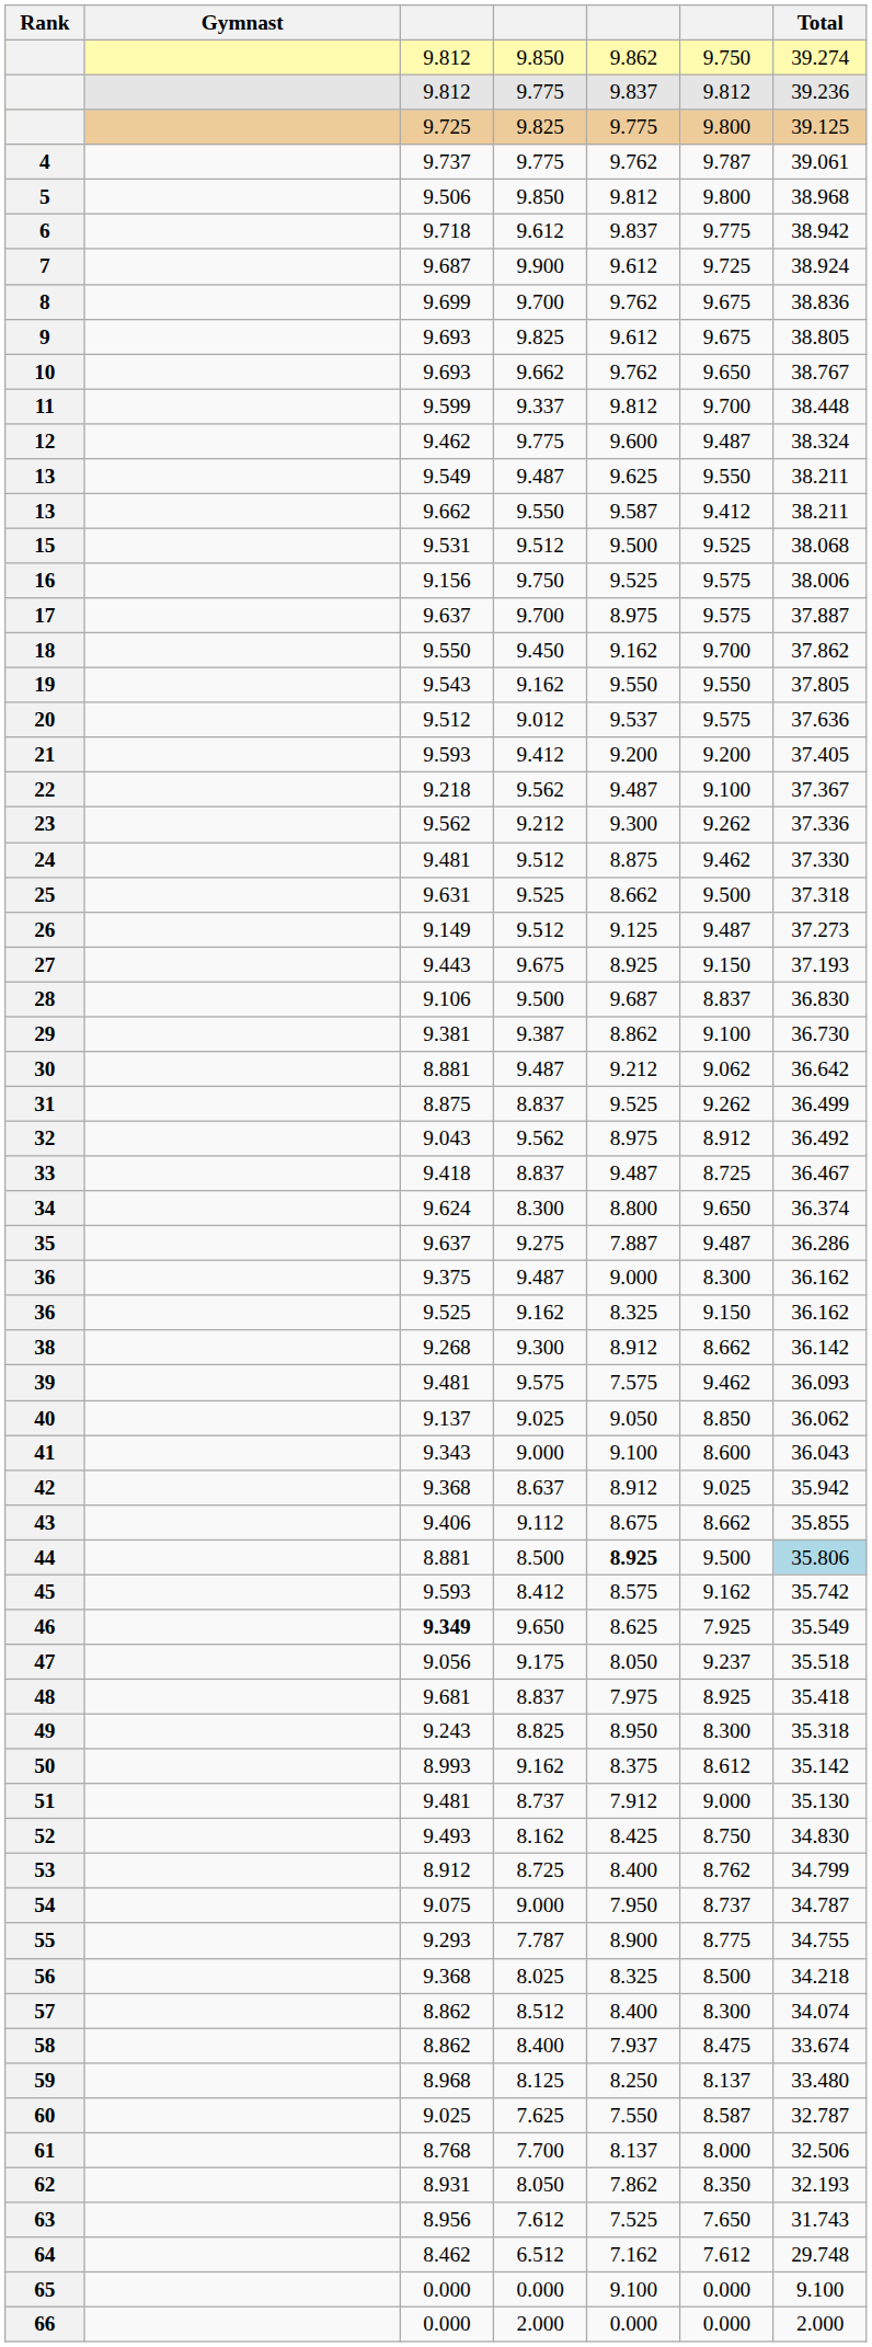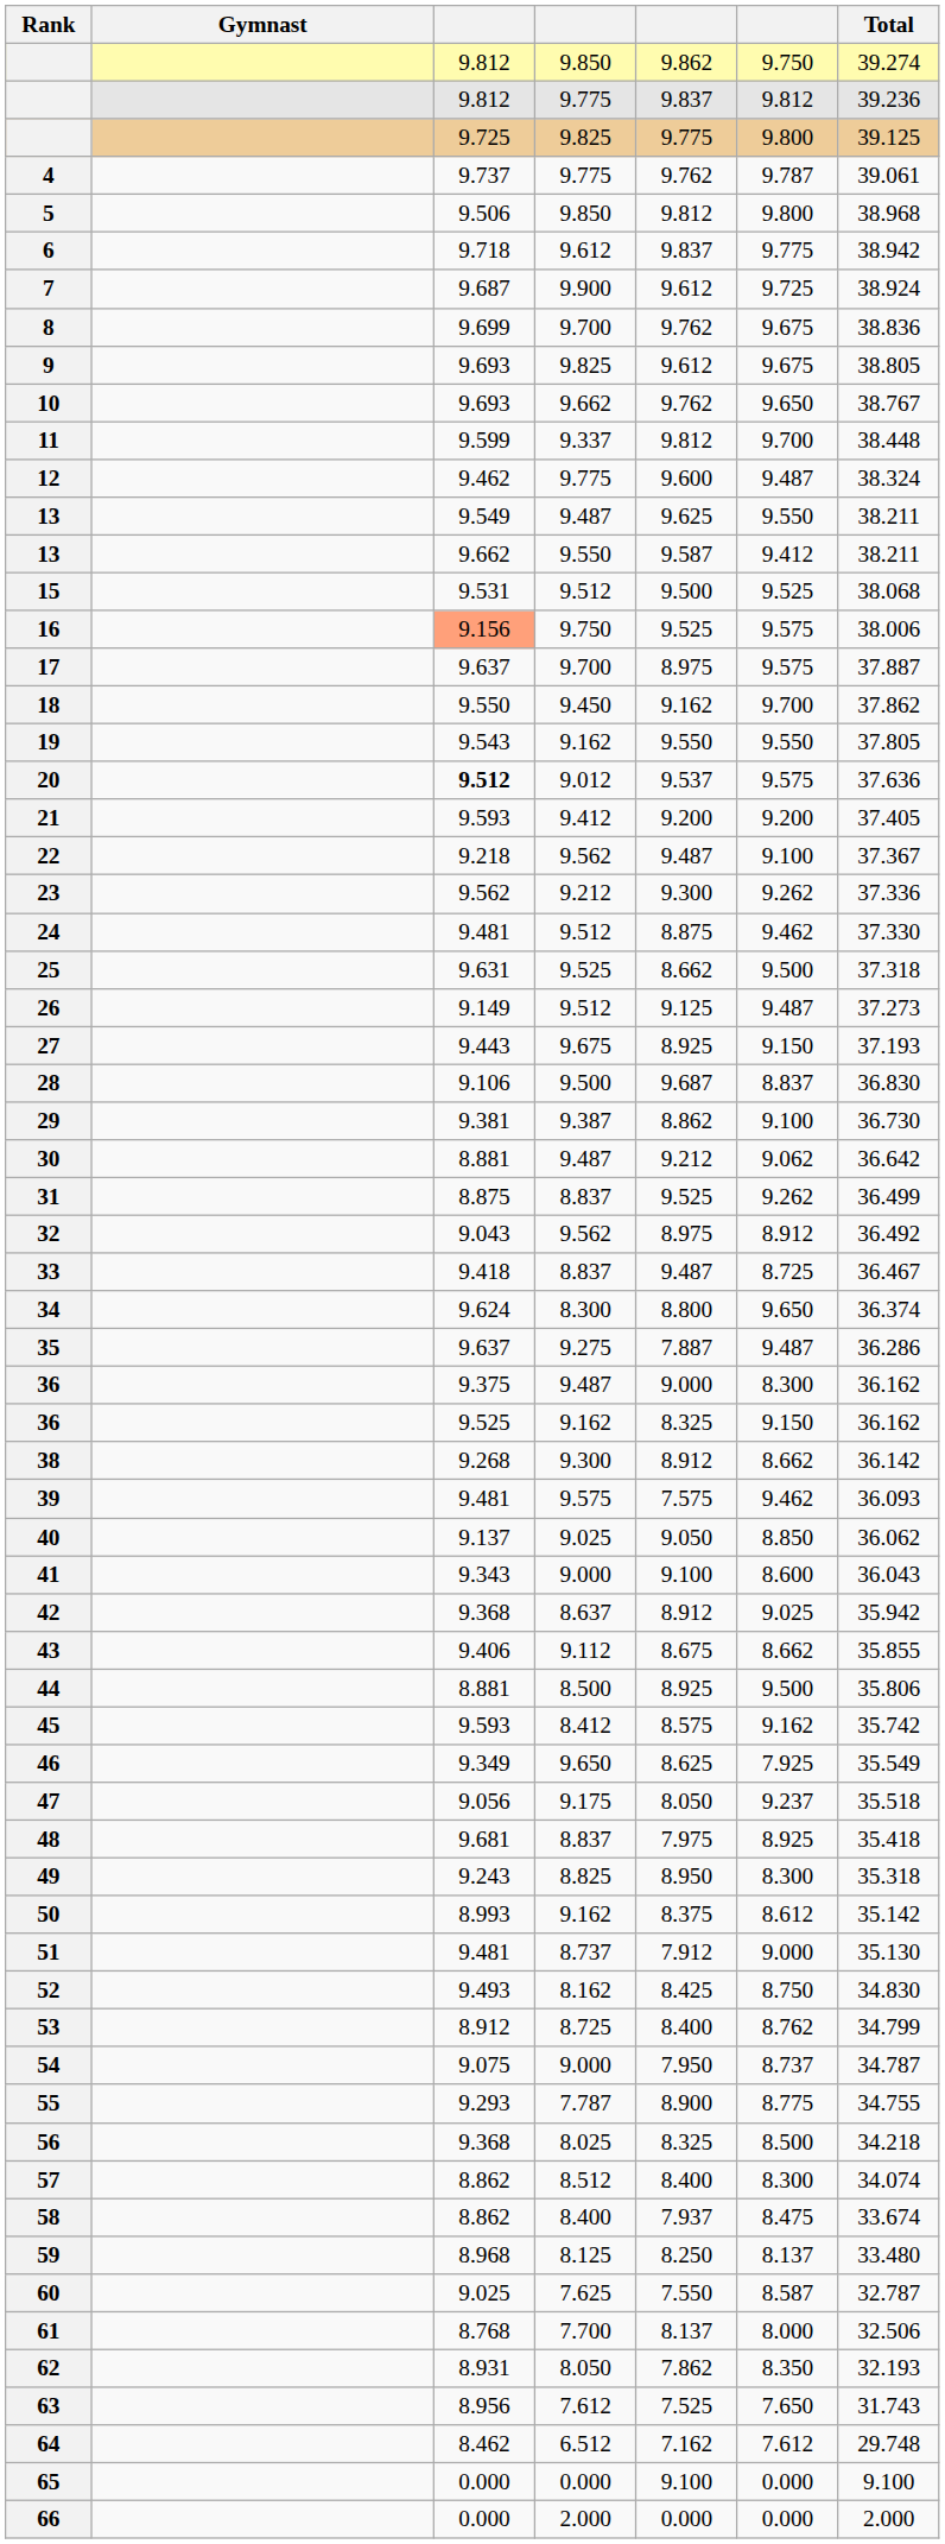 <table class="wikitable sortable" style="text-align:center; font-size:95%">
 <tr>
 <th scope="col" style="width:50px;">Rank</th>
 <th scope="col" style="width:220px;">Gymnast</th>
 <th scope="col" style="width:60px;"></th>
 <th scope="col" style="width:60px;"></th>
 <th scope="col" style="width:60px;"></th>
 <th scope="col" style="width:60px;"></th>
 <th scope="col" style="width:60px;">Total</th>
 </tr>
 <tr style="background:#fffcaf;">
 <th scope=row style="text-align:center"></th>
 <td align=left></td>
 <td>9.812</td>
 <td>9.850</td>
 <td>9.862</td>
 <td>9.750</td>
 <td>39.274</td>
 </tr>
 <tr style="background:#e5e5e5;">
 <th scope=row style="text-align:center"></th>
 <td align=left></td>
 <td>9.812</td>
 <td>9.775</td>
 <td>9.837</td>
 <td>9.812</td>
 <td>39.236</td>
 </tr>
 <tr style="background:#ec9;">
 <th scope=row style="text-align:center"></th>
 <td align=left></td>
 <td>9.725</td>
 <td>9.825</td>
 <td>9.775</td>
 <td>9.800</td>
 <td>39.125</td>
 </tr>
 <tr>
 <th scope=row style="text-align:center">4</th>
 <td align=left></td>
 <td>9.737</td>
 <td>9.775</td>
 <td>9.762</td>
 <td>9.787</td>
 <td>39.061</td>
 </tr>
 <tr>
 <th scope=row style="text-align:center">5</th>
 <td align=left></td>
 <td>9.506</td>
 <td>9.850</td>
 <td>9.812</td>
 <td>9.800</td>
 <td>38.968</td>
 </tr>
 <tr>
 <th scope=row style="text-align:center">6</th>
 <td align=left></td>
 <td>9.718</td>
 <td>9.612</td>
 <td>9.837</td>
 <td>9.775</td>
 <td>38.942</td>
 </tr>
 <tr>
 <th scope=row style="text-align:center">7</th>
 <td align=left></td>
 <td>9.687</td>
 <td>9.900</td>
 <td>9.612</td>
 <td>9.725</td>
 <td>38.924</td>
 </tr>
 <tr>
 <th scope=row style="text-align:center">8</th>
 <td align=left></td>
 <td>9.699</td>
 <td>9.700</td>
 <td>9.762</td>
 <td>9.675</td>
 <td>38.836</td>
 </tr>
 <tr>
 <th scope=row style="text-align:center">9</th>
 <td align=left></td>
 <td>9.693</td>
 <td>9.825</td>
 <td>9.612</td>
 <td>9.675</td>
 <td>38.805</td>
 </tr>
 <tr>
 <th scope=row style="text-align:center">10</th>
 <td align=left></td>
 <td>9.693</td>
 <td>9.662</td>
 <td>9.762</td>
 <td>9.650</td>
 <td>38.767</td>
 </tr>
 <tr>
 <th scope=row style="text-align:center">11</th>
 <td align=left></td>
 <td>9.599</td>
 <td>9.337</td>
 <td>9.812</td>
 <td>9.700</td>
 <td>38.448</td>
 </tr>
 <tr>
 <th scope=row style="text-align:center">12</th>
 <td align=left></td>
 <td>9.462</td>
 <td>9.775</td>
 <td>9.600</td>
 <td>9.487</td>
 <td>38.324</td>
 </tr>
 <tr>
 <th scope=row style="text-align:center">13</th>
 <td align=left></td>
 <td>9.549</td>
 <td>9.487</td>
 <td>9.625</td>
 <td>9.550</td>
 <td>38.211</td>
 </tr>
 <tr>
 <th scope=row style="text-align:center">13</th>
 <td align=left></td>
 <td>9.662</td>
 <td>9.550</td>
 <td>9.587</td>
 <td>9.412</td>
 <td>38.211</td>
 </tr>
 <tr>
 <th scope=row style="text-align:center">15</th>
 <td align=left></td>
 <td>9.531</td>
 <td>9.512</td>
 <td>9.500</td>
 <td>9.525</td>
 <td>38.068</td>
 </tr>
 <tr>
 <th scope=row style="text-align:center">16</th>
 <td align=left></td>
-<td>9.156</td>
+<td style="background: lightsalmon;">9.156</td>
 <td>9.750</td>
 <td>9.525</td>
 <td>9.575</td>
 <td>38.006</td>
 </tr>
 <tr>
 <th scope=row style="text-align:center">17</th>
 <td align=left></td>
 <td>9.637</td>
 <td>9.700</td>
 <td>8.975</td>
 <td>9.575</td>
 <td>37.887</td>
 </tr>
 <tr>
 <th scope=row style="text-align:center">18</th>
 <td align=left></td>
 <td>9.550</td>
 <td>9.450</td>
 <td>9.162</td>
 <td>9.700</td>
 <td>37.862</td>
 </tr>
 <tr>
 <th scope=row style="text-align:center">19</th>
 <td align=left></td>
 <td>9.543</td>
 <td>9.162</td>
 <td>9.550</td>
 <td>9.550</td>
 <td>37.805</td>
 </tr>
 <tr>
 <th scope=row style="text-align:center">20</th>
 <td align=left></td>
-<td>9.512</td>
+<td><strong>9.512</strong></td>
 <td>9.012</td>
 <td>9.537</td>
 <td>9.575</td>
 <td>37.636</td>
 </tr>
 <tr>
 <th scope=row style="text-align:center">21</th>
 <td align=left></td>
 <td>9.593</td>
 <td>9.412</td>
 <td>9.200</td>
 <td>9.200</td>
 <td>37.405</td>
 </tr>
 <tr>
 <th scope=row style="text-align:center">22</th>
 <td align=left></td>
 <td>9.218</td>
 <td>9.562</td>
 <td>9.487</td>
 <td>9.100</td>
 <td>37.367</td>
 </tr>
 <tr>
 <th scope=row style="text-align:center">23</th>
 <td align=left></td>
 <td>9.562</td>
 <td>9.212</td>
 <td>9.300</td>
 <td>9.262</td>
 <td>37.336</td>
 </tr>
 <tr>
 <th scope=row style="text-align:center">24</th>
 <td align=left></td>
 <td>9.481</td>
 <td>9.512</td>
 <td>8.875</td>
 <td>9.462</td>
 <td>37.330</td>
 </tr>
 <tr>
 <th scope=row style="text-align:center">25</th>
 <td align=left></td>
 <td>9.631</td>
 <td>9.525</td>
 <td>8.662</td>
 <td>9.500</td>
 <td>37.318</td>
 </tr>
 <tr>
 <th scope=row style="text-align:center">26</th>
 <td align=left></td>
 <td>9.149</td>
 <td>9.512</td>
 <td>9.125</td>
 <td>9.487</td>
 <td>37.273</td>
 </tr>
 <tr>
 <th scope=row style="text-align:center">27</th>
 <td align=left></td>
 <td>9.443</td>
 <td>9.675</td>
 <td>8.925</td>
 <td>9.150</td>
 <td>37.193</td>
 </tr>
 <tr>
 <th scope=row style="text-align:center">28</th>
 <td align=left></td>
 <td>9.106</td>
 <td>9.500</td>
 <td>9.687</td>
 <td>8.837</td>
 <td>36.830</td>
 </tr>
 <tr>
 <th scope=row style="text-align:center">29</th>
 <td align=left></td>
 <td>9.381</td>
 <td>9.387</td>
 <td>8.862</td>
 <td>9.100</td>
 <td>36.730</td>
 </tr>
 <tr>
 <th scope=row style="text-align:center">30</th>
 <td align=left></td>
 <td>8.881</td>
 <td>9.487</td>
 <td>9.212</td>
 <td>9.062</td>
 <td>36.642</td>
 </tr>
 <tr>
 <th scope=row style="text-align:center">31</th>
 <td align=left></td>
 <td>8.875</td>
 <td>8.837</td>
 <td>9.525</td>
 <td>9.262</td>
 <td>36.499</td>
 </tr>
 <tr>
 <th scope=row style="text-align:center">32</th>
 <td align=left></td>
 <td>9.043</td>
 <td>9.562</td>
 <td>8.975</td>
 <td>8.912</td>
 <td>36.492</td>
 </tr>
 <tr>
 <th scope=row style="text-align:center">33</th>
 <td align=left></td>
 <td>9.418</td>
 <td>8.837</td>
 <td>9.487</td>
 <td>8.725</td>
 <td>36.467</td>
 </tr>
 <tr>
 <th scope=row style="text-align:center">34</th>
 <td align=left></td>
 <td>9.624</td>
 <td>8.300</td>
 <td>8.800</td>
 <td>9.650</td>
 <td>36.374</td>
 </tr>
 <tr>
 <th scope=row style="text-align:center">35</th>
 <td align=left></td>
 <td>9.637</td>
 <td>9.275</td>
 <td>7.887</td>
 <td>9.487</td>
 <td>36.286</td>
 </tr>
 <tr>
 <th scope=row style="text-align:center">36</th>
 <td align=left></td>
 <td>9.375</td>
 <td>9.487</td>
 <td>9.000</td>
 <td>8.300</td>
 <td>36.162</td>
 </tr>
 <tr>
 <th scope=row style="text-align:center">36</th>
 <td align=left></td>
 <td>9.525</td>
 <td>9.162</td>
 <td>8.325</td>
 <td>9.150</td>
 <td>36.162</td>
 </tr>
 <tr>
 <th scope=row style="text-align:center">38</th>
 <td align=left></td>
 <td>9.268</td>
 <td>9.300</td>
 <td>8.912</td>
 <td>8.662</td>
 <td>36.142</td>
 </tr>
 <tr>
 <th scope=row style="text-align:center">39</th>
 <td align=left></td>
 <td>9.481</td>
 <td>9.575</td>
 <td>7.575</td>
 <td>9.462</td>
 <td>36.093</td>
 </tr>
 <tr>
 <th scope=row style="text-align:center">40</th>
 <td align=left></td>
 <td>9.137</td>
 <td>9.025</td>
 <td>9.050</td>
 <td>8.850</td>
 <td>36.062</td>
 </tr>
 <tr>
 <th scope=row style="text-align:center">41</th>
 <td align=left></td>
 <td>9.343</td>
 <td>9.000</td>
 <td>9.100</td>
 <td>8.600</td>
 <td>36.043</td>
 </tr>
 <tr>
 <th scope=row style="text-align:center">42</th>
 <td align=left></td>
 <td>9.368</td>
 <td>8.637</td>
 <td>8.912</td>
 <td>9.025</td>
 <td>35.942</td>
 </tr>
 <tr>
 <th scope=row style="text-align:center">43</th>
 <td align=left></td>
 <td>9.406</td>
 <td>9.112</td>
 <td>8.675</td>
 <td>8.662</td>
 <td>35.855</td>
 </tr>
 <tr>
 <th scope=row style="text-align:center">44</th>
 <td align=left></td>
 <td>8.881</td>
 <td>8.500</td>
-<td><strong>8.925</strong></td>
+<td>8.925</td>
 <td>9.500</td>
-<td style="background: lightblue;">35.806</td>
+<td>35.806</td>
 </tr>
 <tr>
 <th scope=row style="text-align:center">45</th>
 <td align=left></td>
 <td>9.593</td>
 <td>8.412</td>
 <td>8.575</td>
 <td>9.162</td>
 <td>35.742</td>
 </tr>
 <tr>
 <th scope=row style="text-align:center">46</th>
 <td align=left></td>
-<td><strong>9.349</strong></td>
+<td>9.349</td>
 <td>9.650</td>
 <td>8.625</td>
 <td>7.925</td>
 <td>35.549</td>
 </tr>
 <tr>
 <th scope=row style="text-align:center">47</th>
 <td align=left></td>
 <td>9.056</td>
 <td>9.175</td>
 <td>8.050</td>
 <td>9.237</td>
 <td>35.518</td>
 </tr>
 <tr>
 <th scope=row style="text-align:center">48</th>
 <td align=left></td>
 <td>9.681</td>
 <td>8.837</td>
 <td>7.975</td>
 <td>8.925</td>
 <td>35.418</td>
 </tr>
 <tr>
 <th scope=row style="text-align:center">49</th>
 <td align=left></td>
 <td>9.243</td>
 <td>8.825</td>
 <td>8.950</td>
 <td>8.300</td>
 <td>35.318</td>
 </tr>
 <tr>
 <th scope=row style="text-align:center">50</th>
 <td align=left></td>
 <td>8.993</td>
 <td>9.162</td>
 <td>8.375</td>
 <td>8.612</td>
 <td>35.142</td>
 </tr>
 <tr>
 <th scope=row style="text-align:center">51</th>
 <td align=left></td>
 <td>9.481</td>
 <td>8.737</td>
 <td>7.912</td>
 <td>9.000</td>
 <td>35.130</td>
 </tr>
 <tr>
 <th scope=row style="text-align:center">52</th>
 <td align=left></td>
 <td>9.493</td>
 <td>8.162</td>
 <td>8.425</td>
 <td>8.750</td>
 <td>34.830</td>
 </tr>
 <tr>
 <th scope=row style="text-align:center">53</th>
 <td align=left></td>
 <td>8.912</td>
 <td>8.725</td>
 <td>8.400</td>
 <td>8.762</td>
 <td>34.799</td>
 </tr>
 <tr>
 <th scope=row style="text-align:center">54</th>
 <td align=left></td>
 <td>9.075</td>
 <td>9.000</td>
 <td>7.950</td>
 <td>8.737</td>
 <td>34.787</td>
 </tr>
 <tr>
 <th scope=row style="text-align:center">55</th>
 <td align=left></td>
 <td>9.293</td>
 <td>7.787</td>
 <td>8.900</td>
 <td>8.775</td>
 <td>34.755</td>
 </tr>
 <tr>
 <th scope=row style="text-align:center">56</th>
 <td align=left></td>
 <td>9.368</td>
 <td>8.025</td>
 <td>8.325</td>
 <td>8.500</td>
 <td>34.218</td>
 </tr>
 <tr>
 <th scope=row style="text-align:center">57</th>
 <td align=left></td>
 <td>8.862</td>
 <td>8.512</td>
 <td>8.400</td>
 <td>8.300</td>
 <td>34.074</td>
 </tr>
 <tr>
 <th scope=row style="text-align:center">58</th>
 <td align=left></td>
 <td>8.862</td>
 <td>8.400</td>
 <td>7.937</td>
 <td>8.475</td>
 <td>33.674</td>
 </tr>
 <tr>
 <th scope=row style="text-align:center">59</th>
 <td align=left></td>
 <td>8.968</td>
 <td>8.125</td>
 <td>8.250</td>
 <td>8.137</td>
 <td>33.480</td>
 </tr>
 <tr>
 <th scope=row style="text-align:center">60</th>
 <td align=left></td>
 <td>9.025</td>
 <td>7.625</td>
 <td>7.550</td>
 <td>8.587</td>
 <td>32.787</td>
 </tr>
 <tr>
 <th scope=row style="text-align:center">61</th>
 <td align=left></td>
 <td>8.768</td>
 <td>7.700</td>
 <td>8.137</td>
 <td>8.000</td>
 <td>32.506</td>
 </tr>
 <tr>
 <th scope=row style="text-align:center">62</th>
 <td align=left></td>
 <td>8.931</td>
 <td>8.050</td>
 <td>7.862</td>
 <td>8.350</td>
 <td>32.193</td>
 </tr>
 <tr>
 <th scope=row style="text-align:center">63</th>
 <td align=left></td>
 <td>8.956</td>
 <td>7.612</td>
 <td>7.525</td>
 <td>7.650</td>
 <td>31.743</td>
 </tr>
 <tr>
 <th scope=row style="text-align:center">64</th>
 <td align=left></td>
 <td>8.462</td>
 <td>6.512</td>
 <td>7.162</td>
 <td>7.612</td>
 <td>29.748</td>
 </tr>
 <tr>
 <th scope=row style="text-align:center">65</th>
 <td align=left></td>
 <td>0.000</td>
 <td>0.000</td>
 <td>9.100</td>
 <td>0.000</td>
 <td>9.100</td>
 </tr>
 <tr>
 <th scope=row style="text-align:center">66</th>
 <td align=left></td>
 <td>0.000</td>
 <td>2.000</td>
 <td>0.000</td>
 <td>0.000</td>
 <td>2.000</td>
 </tr>
 </table>
